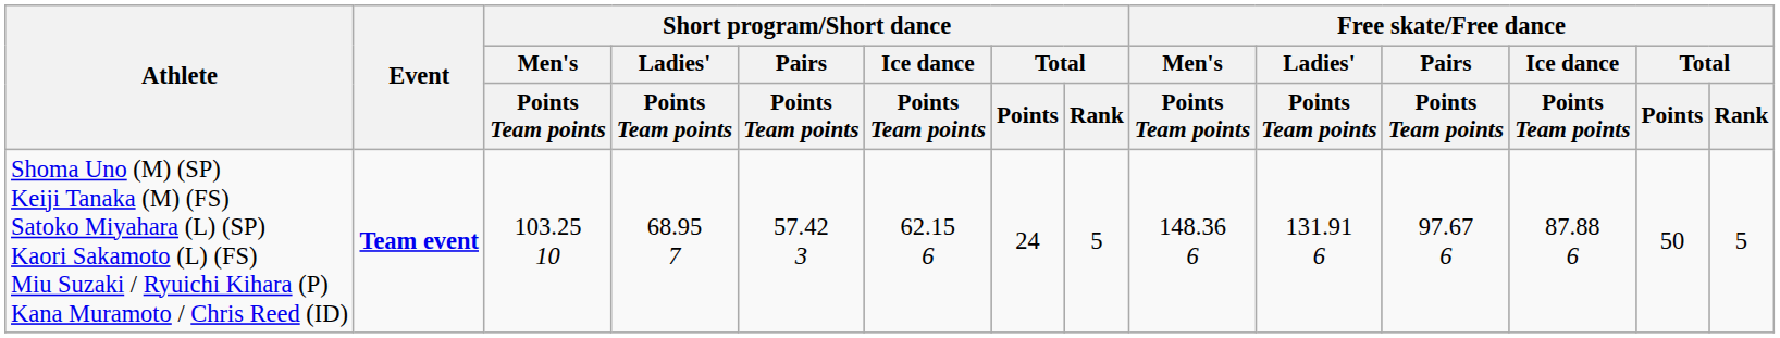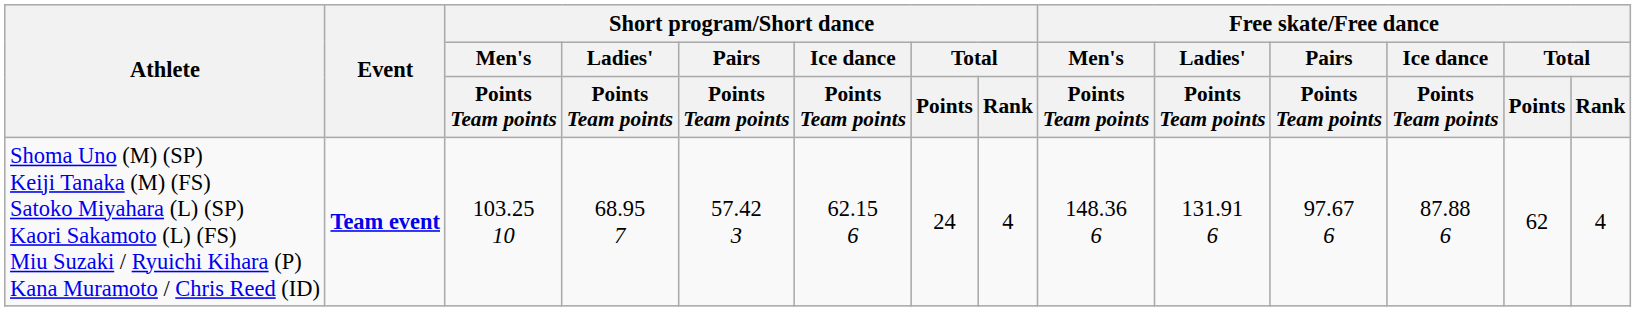 <table class="wikitable" style="font-size:90%">
 <tr>
 <th rowspan="3">Athlete</th>
 <th rowspan="3">Event</th>
 <th colspan="6">Short program/Short dance</th>
 <th colspan="6">Free skate/Free dance</th>
 </tr>
 <tr style="font-size:95%">
 <th>Men's</th>
 <th>Ladies'</th>
 <th>Pairs</th>
 <th>Ice dance</th>
 <th colspan="2">Total</th>
 <th>Men's</th>
 <th>Ladies'</th>
 <th>Pairs</th>
 <th>Ice dance</th>
 <th colspan="2">Total</th>
 </tr>
 <tr style="font-size:95%">
 <th>Points<br><em>Team points</em></th>
 <th>Points<br><em>Team points</em></th>
 <th>Points<br><em>Team points</em></th>
 <th>Points<br><em>Team points</em></th>
 <th>Points</th>
 <th>Rank</th>
 <th>Points<br><em>Team points</em></th>
 <th>Points<br><em>Team points</em></th>
 <th>Points<br><em>Team points</em></th>
 <th>Points<br><em>Team points</em></th>
 <th>Points</th>
 <th>Rank</th>
 </tr>
 <tr align="center">
 <td align="left"><a href='#'>Shoma Uno</a> (M) (SP)<br><a href='#'>Keiji Tanaka</a> (M) (FS)<br><a href='#'>Satoko Miyahara</a> (L) (SP)<br><a href='#'>Kaori Sakamoto</a> (L) (FS)<br><a href='#'>Miu Suzaki</a> / <a href='#'>Ryuichi Kihara</a> (P)<br><a href='#'>Kana Muramoto</a> / <a href='#'>Chris Reed</a> (ID)</td>
 <td align="left"><strong><a href='#'>Team event</a></strong></td>
 <td>103.25<br><em>10</em></td>
 <td>68.95<br><em>7</em></td>
 <td>57.42<br><em>3</em></td>
 <td>62.15<br><em>6</em></td>
 <td>24</td>
-<td>5</td>
+<td>4</td>
 <td>148.36<br><em>6</em></td>
 <td>131.91<br><em>6</em></td>
 <td>97.67<br><em>6</em></td>
 <td>87.88<br><em>6</em></td>
-<td>50</td>
-<td>5</td>
+<td>62</td>
+<td>4</td>
 </tr>
 </table>
